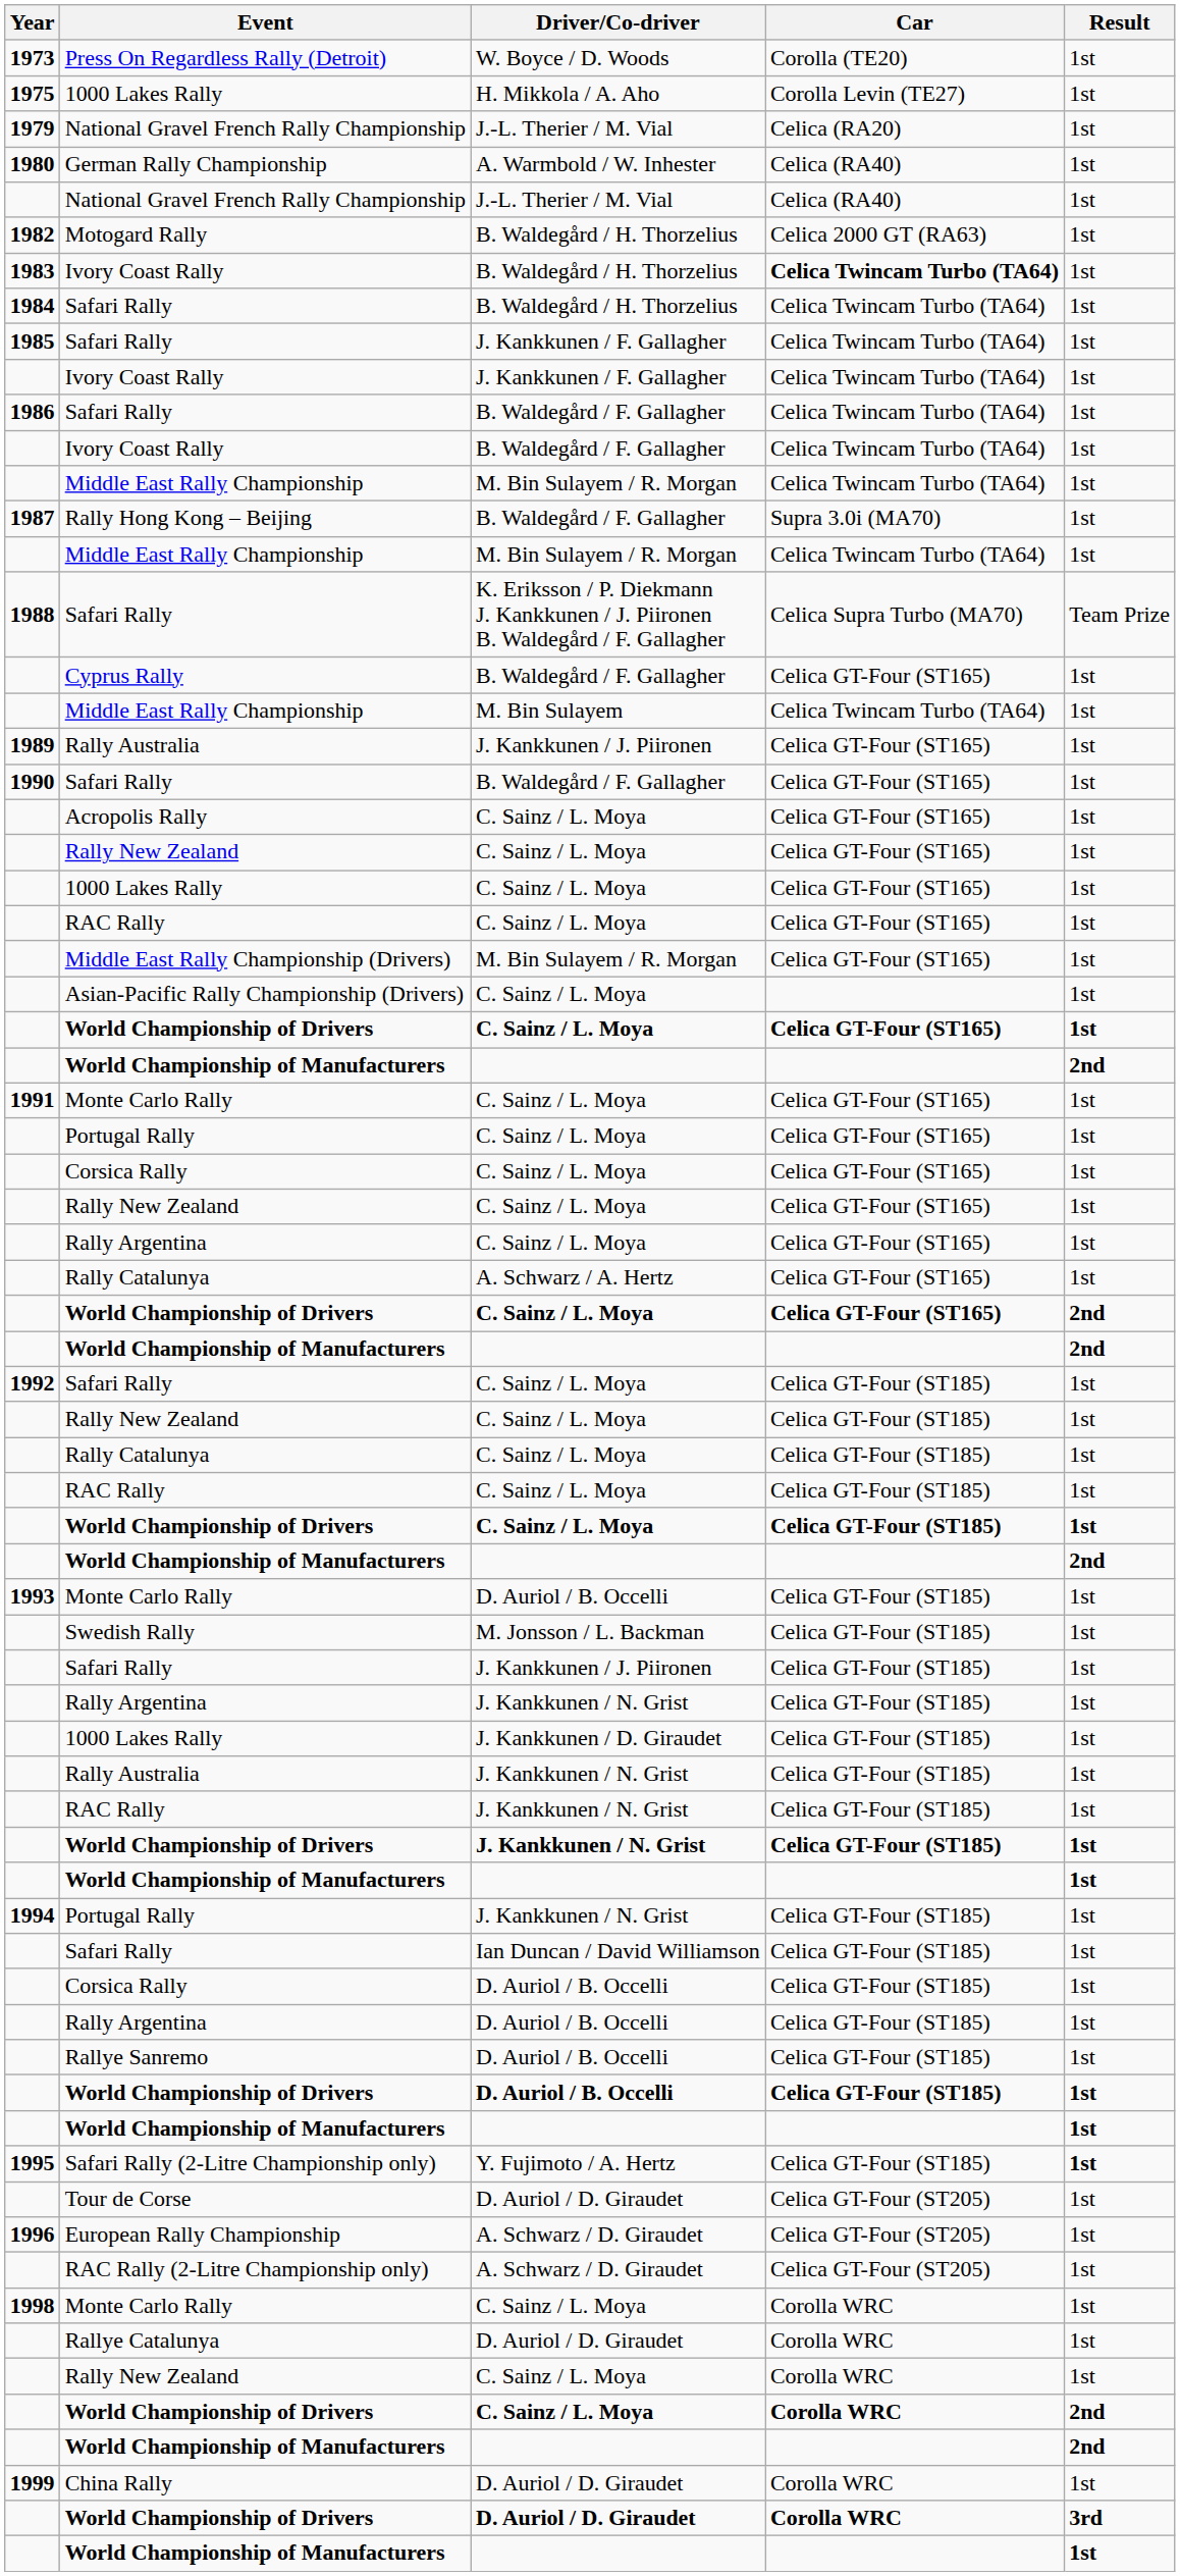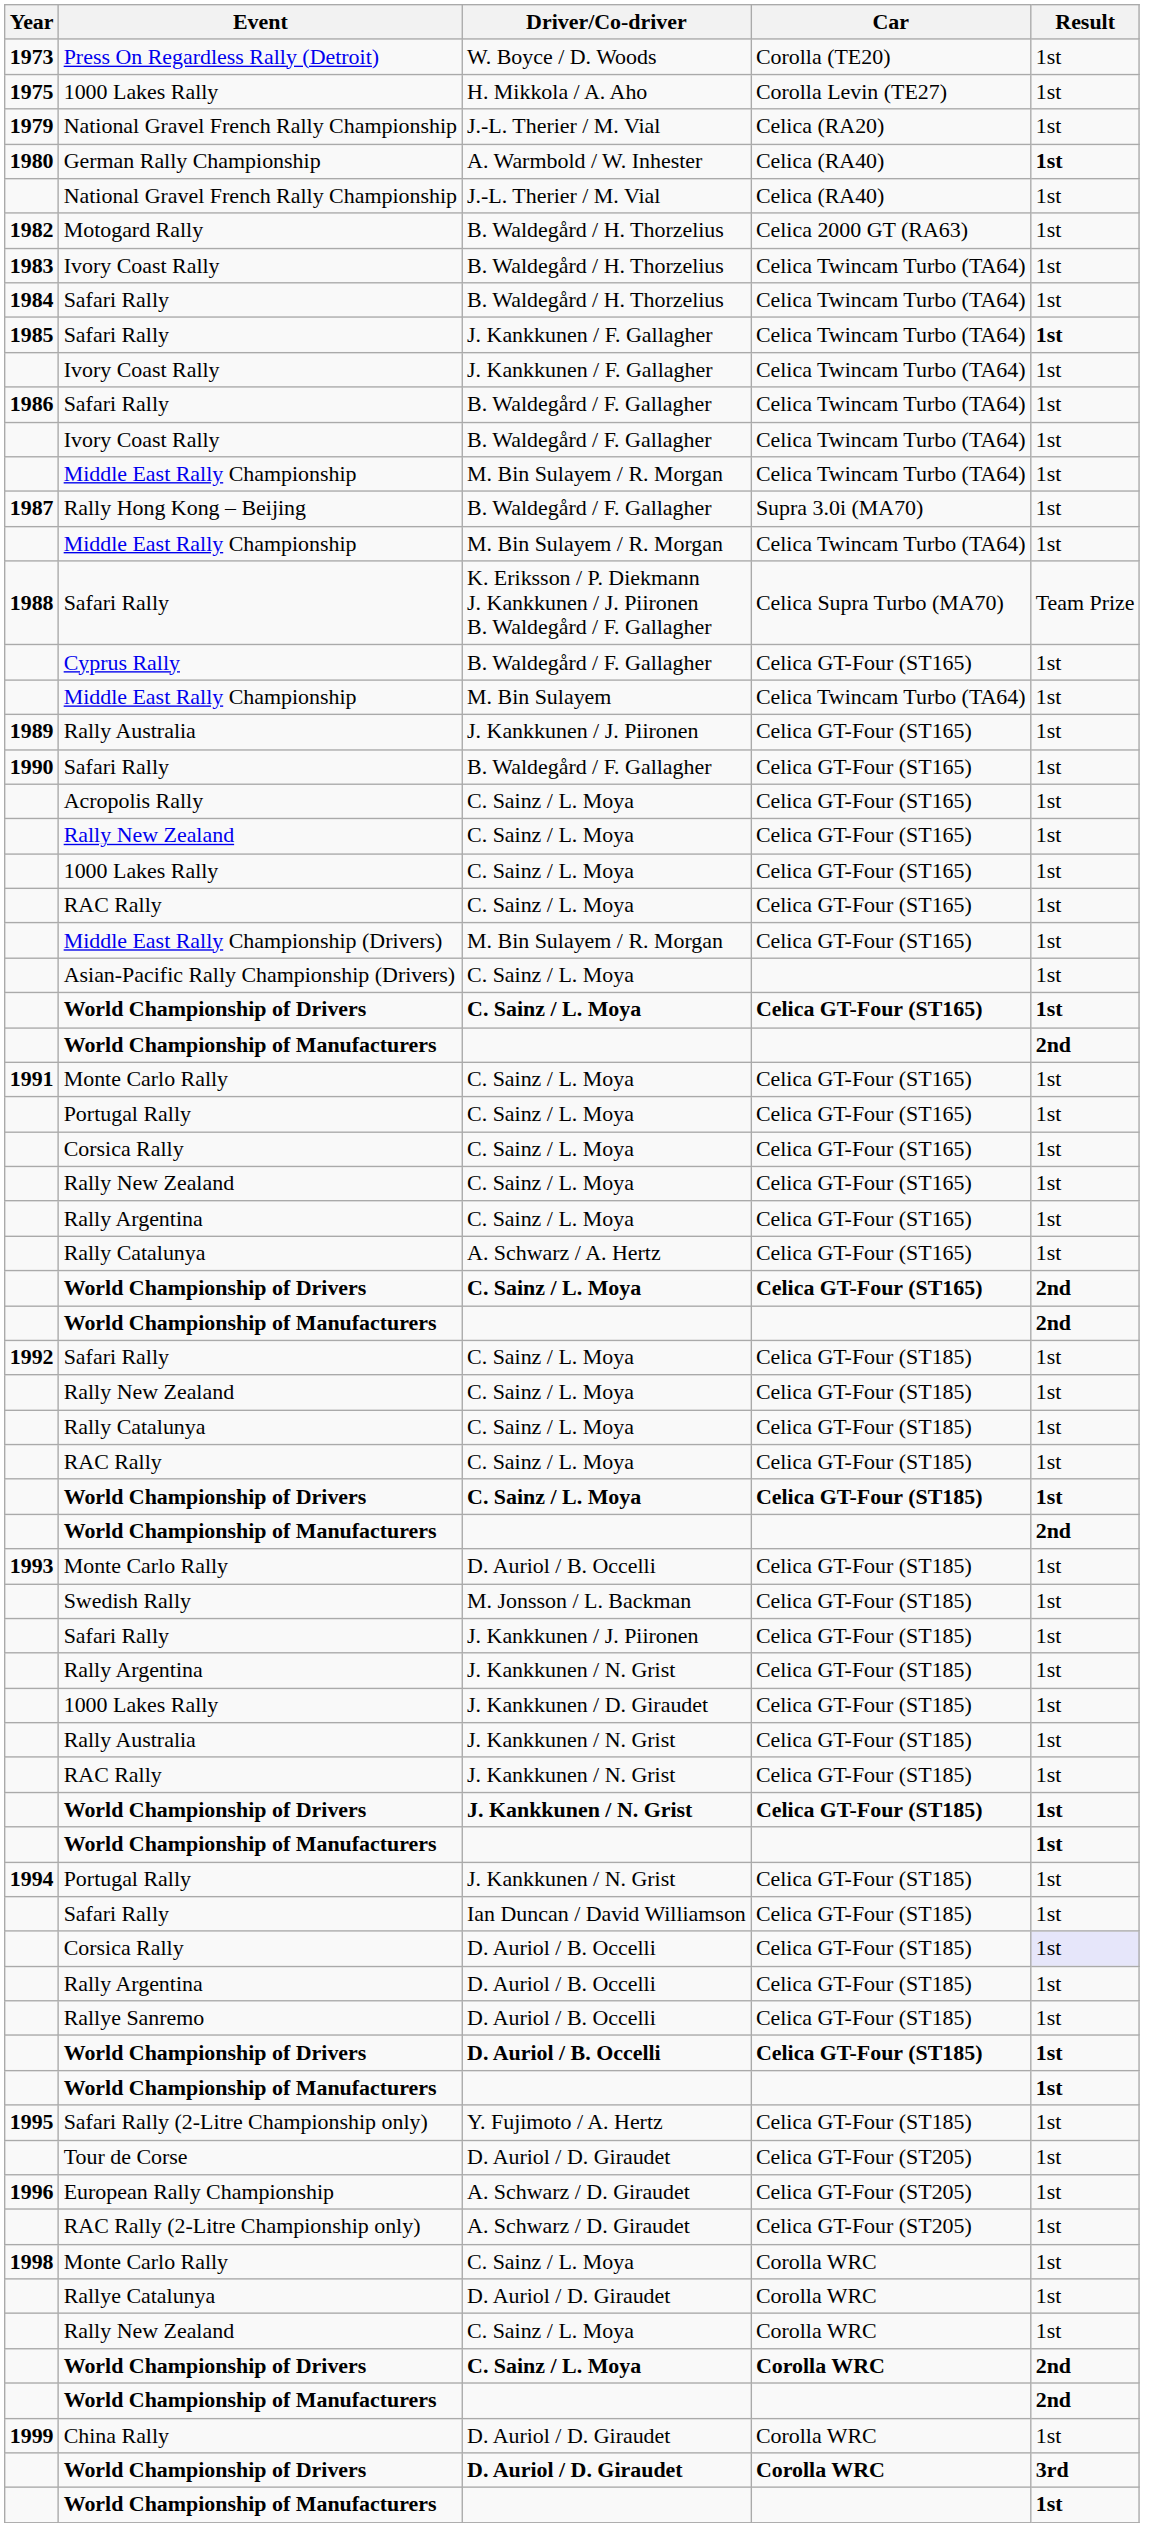 <table class="wikitable">
 <tr>
 <th>Year</th>
 <th>Event</th>
 <th>Driver/Co-driver</th>
 <th>Car</th>
 <th>Result</th>
 </tr>
 <tr>
 <td><strong>1973</strong></td>
 <td><a href='#'>Press On Regardless Rally (Detroit)</a></td>
 <td>W. Boyce / D. Woods</td>
 <td>Corolla (TE20)</td>
 <td>1st</td>
 </tr>
 <tr>
 <td><strong>1975</strong></td>
 <td>1000 Lakes Rally</td>
 <td>H. Mikkola / A. Aho</td>
 <td>Corolla Levin (TE27)</td>
 <td>1st</td>
 </tr>
 <tr>
 <td><strong>1979</strong></td>
 <td>National Gravel French Rally Championship</td>
 <td>J.-L. Therier / M. Vial</td>
 <td>Celica (RA20)</td>
 <td>1st</td>
 </tr>
 <tr>
 <td><strong>1980</strong></td>
 <td>German Rally Championship</td>
 <td>A. Warmbold / W. Inhester</td>
 <td>Celica (RA40)</td>
-<td>1st</td>
+<td><strong>1st</strong></td>
 </tr>
 <tr>
 <td> </td>
 <td>National Gravel French Rally Championship</td>
 <td>J.-L. Therier / M. Vial</td>
 <td>Celica (RA40)</td>
 <td>1st</td>
 </tr>
 <tr>
 <td><strong>1982</strong></td>
 <td>Motogard Rally</td>
 <td>B. Waldegård / H. Thorzelius</td>
 <td>Celica 2000 GT (RA63)</td>
 <td>1st</td>
 </tr>
 <tr>
 <td><strong>1983</strong></td>
 <td>Ivory Coast Rally</td>
 <td>B. Waldegård / H. Thorzelius</td>
-<td><strong>Celica Twincam Turbo (TA64)</strong></td>
+<td>Celica Twincam Turbo (TA64)</td>
 <td>1st</td>
 </tr>
 <tr>
 <td><strong>1984</strong></td>
 <td>Safari Rally</td>
 <td>B. Waldegård / H. Thorzelius</td>
 <td>Celica Twincam Turbo (TA64)</td>
 <td>1st</td>
 </tr>
 <tr>
 <td><strong>1985</strong></td>
 <td>Safari Rally</td>
 <td>J. Kankkunen / F. Gallagher</td>
 <td>Celica Twincam Turbo (TA64)</td>
-<td>1st</td>
+<td><strong>1st</strong></td>
 </tr>
 <tr>
 <td> </td>
 <td>Ivory Coast Rally</td>
 <td>J. Kankkunen / F. Gallagher</td>
 <td>Celica Twincam Turbo (TA64)</td>
 <td>1st</td>
 </tr>
 <tr>
 <td><strong>1986</strong></td>
 <td>Safari Rally</td>
 <td>B. Waldegård / F. Gallagher</td>
 <td>Celica Twincam Turbo (TA64)</td>
 <td>1st</td>
 </tr>
 <tr>
 <td> </td>
 <td>Ivory Coast Rally</td>
 <td>B. Waldegård / F. Gallagher</td>
 <td>Celica Twincam Turbo (TA64)</td>
 <td>1st</td>
 </tr>
 <tr>
 <td> </td>
 <td><a href='#'>Middle East Rally</a> Championship</td>
 <td>M. Bin Sulayem / R. Morgan</td>
 <td>Celica Twincam Turbo (TA64)</td>
 <td>1st</td>
 </tr>
 <tr>
 <td><strong>1987</strong></td>
 <td>Rally Hong Kong – Beijing</td>
 <td>B. Waldegård / F. Gallagher</td>
 <td>Supra 3.0i (MA70)</td>
 <td>1st</td>
 </tr>
 <tr>
 <td> </td>
 <td><a href='#'>Middle East Rally</a> Championship</td>
 <td>M. Bin Sulayem / R. Morgan</td>
 <td>Celica Twincam Turbo (TA64)</td>
 <td>1st</td>
 </tr>
 <tr>
 <td><strong>1988</strong></td>
 <td>Safari Rally</td>
 <td>K. Eriksson / P. Diekmann<br>J. Kankkunen / J. Piironen<br>B. Waldegård / F. Gallagher</td>
 <td>Celica Supra Turbo (MA70)</td>
 <td>Team Prize</td>
 </tr>
 <tr>
 <td> </td>
 <td><a href='#'>Cyprus Rally</a></td>
 <td>B. Waldegård / F. Gallagher</td>
 <td>Celica GT-Four (ST165)</td>
 <td>1st</td>
 </tr>
 <tr>
 <td> </td>
 <td><a href='#'>Middle East Rally</a> Championship</td>
 <td>M. Bin Sulayem</td>
 <td>Celica Twincam Turbo (TA64)</td>
 <td>1st</td>
 </tr>
 <tr>
 <td><strong>1989</strong></td>
 <td>Rally Australia</td>
 <td>J. Kankkunen / J. Piironen</td>
 <td>Celica GT-Four (ST165)</td>
 <td>1st</td>
 </tr>
 <tr>
 <td><strong>1990</strong></td>
 <td>Safari Rally</td>
 <td>B. Waldegård / F. Gallagher</td>
 <td>Celica GT-Four (ST165)</td>
 <td>1st</td>
 </tr>
 <tr>
 <td> </td>
 <td>Acropolis Rally</td>
 <td>C. Sainz / L. Moya</td>
 <td>Celica GT-Four (ST165)</td>
 <td>1st</td>
 </tr>
 <tr>
 <td> </td>
 <td><a href='#'>Rally New Zealand</a></td>
 <td>C. Sainz / L. Moya</td>
 <td>Celica GT-Four (ST165)</td>
 <td>1st</td>
 </tr>
 <tr>
 <td> </td>
 <td>1000 Lakes Rally</td>
 <td>C. Sainz / L. Moya</td>
 <td>Celica GT-Four (ST165)</td>
 <td>1st</td>
 </tr>
 <tr>
 <td> </td>
 <td>RAC Rally</td>
 <td>C. Sainz / L. Moya</td>
 <td>Celica GT-Four (ST165)</td>
 <td>1st</td>
 </tr>
 <tr>
 <td> </td>
 <td><a href='#'>Middle East Rally</a> Championship (Drivers)</td>
 <td>M. Bin Sulayem / R. Morgan</td>
 <td>Celica GT-Four (ST165)</td>
 <td>1st</td>
 </tr>
 <tr>
 <td> </td>
 <td>Asian-Pacific Rally Championship (Drivers)</td>
 <td>C. Sainz / L. Moya</td>
 <td> </td>
 <td>1st</td>
 </tr>
 <tr>
 <td> </td>
 <td><strong>World Championship of Drivers</strong></td>
 <td><strong>C. Sainz / L. Moya</strong></td>
 <td><strong>Celica GT-Four (ST165)</strong></td>
 <td><strong>1st</strong></td>
 </tr>
 <tr>
 <td> </td>
 <td><strong>World Championship of Manufacturers</strong></td>
 <td> </td>
 <td> </td>
 <td><strong>2nd</strong></td>
 </tr>
 <tr>
 <td><strong>1991</strong></td>
 <td>Monte Carlo Rally</td>
 <td>C. Sainz / L. Moya</td>
 <td>Celica GT-Four (ST165)</td>
 <td>1st</td>
 </tr>
 <tr>
 <td> </td>
 <td>Portugal Rally</td>
 <td>C. Sainz / L. Moya</td>
 <td>Celica GT-Four (ST165)</td>
 <td>1st</td>
 </tr>
 <tr>
 <td> </td>
 <td>Corsica Rally</td>
 <td>C. Sainz / L. Moya</td>
 <td>Celica GT-Four (ST165)</td>
 <td>1st</td>
 </tr>
 <tr>
 <td> </td>
 <td>Rally New Zealand</td>
 <td>C. Sainz / L. Moya</td>
 <td>Celica GT-Four (ST165)</td>
 <td>1st</td>
 </tr>
 <tr>
 <td> </td>
 <td>Rally Argentina</td>
 <td>C. Sainz / L. Moya</td>
 <td>Celica GT-Four (ST165)</td>
 <td>1st</td>
 </tr>
 <tr>
 <td> </td>
 <td>Rally Catalunya</td>
 <td>A. Schwarz / A. Hertz</td>
 <td>Celica GT-Four (ST165)</td>
 <td>1st</td>
 </tr>
 <tr>
 <td> </td>
 <td><strong>World Championship of Drivers</strong></td>
 <td><strong>C. Sainz / L. Moya</strong></td>
 <td><strong>Celica GT-Four (ST165)</strong></td>
 <td><strong>2nd</strong></td>
 </tr>
 <tr>
 <td> </td>
 <td><strong>World Championship of Manufacturers</strong></td>
 <td> </td>
 <td> </td>
 <td><strong>2nd</strong></td>
 </tr>
 <tr>
 <td><strong>1992</strong></td>
 <td>Safari Rally</td>
 <td>C. Sainz / L. Moya</td>
 <td>Celica GT-Four (ST185)</td>
 <td>1st</td>
 </tr>
 <tr>
 <td> </td>
 <td>Rally New Zealand</td>
 <td>C. Sainz / L. Moya</td>
 <td>Celica GT-Four (ST185)</td>
 <td>1st</td>
 </tr>
 <tr>
 <td> </td>
 <td>Rally Catalunya</td>
 <td>C. Sainz / L. Moya</td>
 <td>Celica GT-Four (ST185)</td>
 <td>1st</td>
 </tr>
 <tr>
 <td> </td>
 <td>RAC Rally</td>
 <td>C. Sainz / L. Moya</td>
 <td>Celica GT-Four (ST185)</td>
 <td>1st</td>
 </tr>
 <tr>
 <td> </td>
 <td><strong>World Championship of Drivers</strong></td>
 <td><strong>C. Sainz / L. Moya</strong></td>
 <td><strong>Celica GT-Four (ST185)</strong></td>
 <td><strong>1st</strong></td>
 </tr>
 <tr>
 <td> </td>
 <td><strong>World Championship of Manufacturers</strong></td>
 <td> </td>
 <td> </td>
 <td><strong>2nd</strong></td>
 </tr>
 <tr>
 <td><strong>1993</strong></td>
 <td>Monte Carlo Rally</td>
 <td>D. Auriol / B. Occelli</td>
 <td>Celica GT-Four (ST185)</td>
 <td>1st</td>
 </tr>
 <tr>
 <td> </td>
 <td>Swedish Rally</td>
 <td>M. Jonsson / L. Backman</td>
 <td>Celica GT-Four (ST185)</td>
 <td>1st</td>
 </tr>
 <tr>
 <td> </td>
 <td>Safari Rally</td>
 <td>J. Kankkunen / J. Piironen</td>
 <td>Celica GT-Four (ST185)</td>
 <td>1st</td>
 </tr>
 <tr>
 <td> </td>
 <td>Rally Argentina</td>
 <td>J. Kankkunen / N. Grist</td>
 <td>Celica GT-Four (ST185)</td>
 <td>1st</td>
 </tr>
 <tr>
 <td> </td>
 <td>1000 Lakes Rally</td>
 <td>J. Kankkunen / D. Giraudet</td>
 <td>Celica GT-Four (ST185)</td>
 <td>1st</td>
 </tr>
 <tr>
 <td> </td>
 <td>Rally Australia</td>
 <td>J. Kankkunen / N. Grist</td>
 <td>Celica GT-Four (ST185)</td>
 <td>1st</td>
 </tr>
 <tr>
 <td> </td>
 <td>RAC Rally</td>
 <td>J. Kankkunen / N. Grist</td>
 <td>Celica GT-Four (ST185)</td>
 <td>1st</td>
 </tr>
 <tr>
 <td> </td>
 <td><strong>World Championship of Drivers</strong></td>
 <td><strong>J. Kankkunen / N. Grist</strong></td>
 <td><strong>Celica GT-Four (ST185)</strong></td>
 <td><strong>1st</strong></td>
 </tr>
 <tr>
 <td> </td>
 <td><strong>World Championship of Manufacturers</strong></td>
 <td> </td>
 <td> </td>
 <td><strong>1st</strong></td>
 </tr>
 <tr>
 <td><strong>1994</strong></td>
 <td>Portugal Rally</td>
 <td>J. Kankkunen / N. Grist</td>
 <td>Celica GT-Four (ST185)</td>
 <td>1st</td>
 </tr>
 <tr>
 <td> </td>
 <td>Safari Rally</td>
 <td>Ian Duncan / David Williamson</td>
 <td>Celica GT-Four (ST185)</td>
 <td>1st</td>
 </tr>
 <tr>
 <td> </td>
 <td>Corsica Rally</td>
 <td>D. Auriol / B. Occelli</td>
 <td>Celica GT-Four (ST185)</td>
-<td>1st</td>
+<td style="background: lavender;">1st</td>
 </tr>
 <tr>
 <td> </td>
 <td>Rally Argentina</td>
 <td>D. Auriol / B. Occelli</td>
 <td>Celica GT-Four (ST185)</td>
 <td>1st</td>
 </tr>
 <tr>
 <td> </td>
 <td>Rallye Sanremo</td>
 <td>D. Auriol / B. Occelli</td>
 <td>Celica GT-Four (ST185)</td>
 <td>1st</td>
 </tr>
 <tr>
 <td> </td>
 <td><strong>World Championship of Drivers </strong></td>
 <td><strong>D. Auriol / B. Occelli</strong></td>
 <td><strong>Celica GT-Four (ST185)</strong></td>
 <td><strong>1st</strong></td>
 </tr>
 <tr>
 <td> </td>
 <td><strong>World Championship of Manufacturers</strong></td>
 <td> </td>
 <td> </td>
 <td><strong>1st</strong></td>
 </tr>
 <tr>
 <td><strong>1995</strong></td>
 <td>Safari Rally (2-Litre Championship only)</td>
 <td>Y. Fujimoto / A. Hertz</td>
 <td>Celica GT-Four (ST185)</td>
-<td><strong>1st</strong></td>
+<td>1st</td>
 </tr>
 <tr>
 <td> </td>
 <td>Tour de Corse</td>
 <td>D. Auriol / D. Giraudet</td>
 <td>Celica GT-Four (ST205)</td>
 <td>1st</td>
 </tr>
 <tr>
 <td><strong>1996</strong></td>
 <td>European Rally Championship</td>
 <td>A. Schwarz / D. Giraudet</td>
 <td>Celica GT-Four (ST205)</td>
 <td>1st</td>
 </tr>
 <tr>
 <td> </td>
 <td>RAC Rally (2-Litre Championship only)</td>
 <td>A. Schwarz / D. Giraudet</td>
 <td>Celica GT-Four (ST205)</td>
 <td>1st</td>
 </tr>
 <tr>
 <td><strong>1998</strong></td>
 <td>Monte Carlo Rally</td>
 <td>C. Sainz / L. Moya</td>
 <td>Corolla WRC</td>
 <td>1st</td>
 </tr>
 <tr>
 <td> </td>
 <td>Rallye Catalunya</td>
 <td>D. Auriol / D. Giraudet</td>
 <td>Corolla WRC</td>
 <td>1st</td>
 </tr>
 <tr>
 <td> </td>
 <td>Rally New Zealand</td>
 <td>C. Sainz / L. Moya</td>
 <td>Corolla WRC</td>
 <td>1st</td>
 </tr>
 <tr>
 <td> </td>
 <td><strong>World Championship of Drivers </strong></td>
 <td><strong>C. Sainz / L. Moya</strong></td>
 <td><strong>Corolla WRC</strong></td>
 <td><strong>2nd</strong></td>
 </tr>
 <tr>
 <td> </td>
 <td><strong>World Championship of Manufacturers</strong></td>
 <td> </td>
 <td> </td>
 <td><strong>2nd</strong></td>
 </tr>
 <tr>
 <td><strong>1999</strong></td>
 <td>China Rally</td>
 <td>D. Auriol / D. Giraudet</td>
 <td>Corolla WRC</td>
 <td>1st</td>
 </tr>
 <tr>
 <td> </td>
 <td><strong>World Championship of Drivers </strong></td>
 <td><strong>D. Auriol / D. Giraudet</strong></td>
 <td><strong>Corolla WRC</strong></td>
 <td><strong>3rd</strong></td>
 </tr>
 <tr>
 <td> </td>
 <td><strong>World Championship of Manufacturers</strong></td>
 <td> </td>
 <td> </td>
 <td><strong>1st</strong></td>
 </tr>
 </table>
